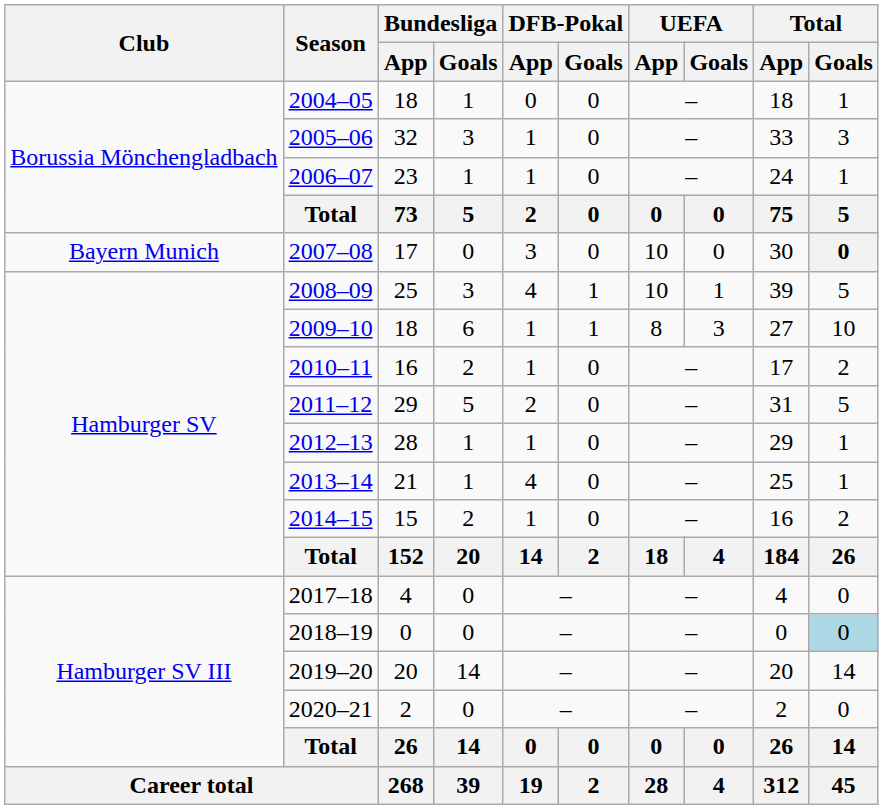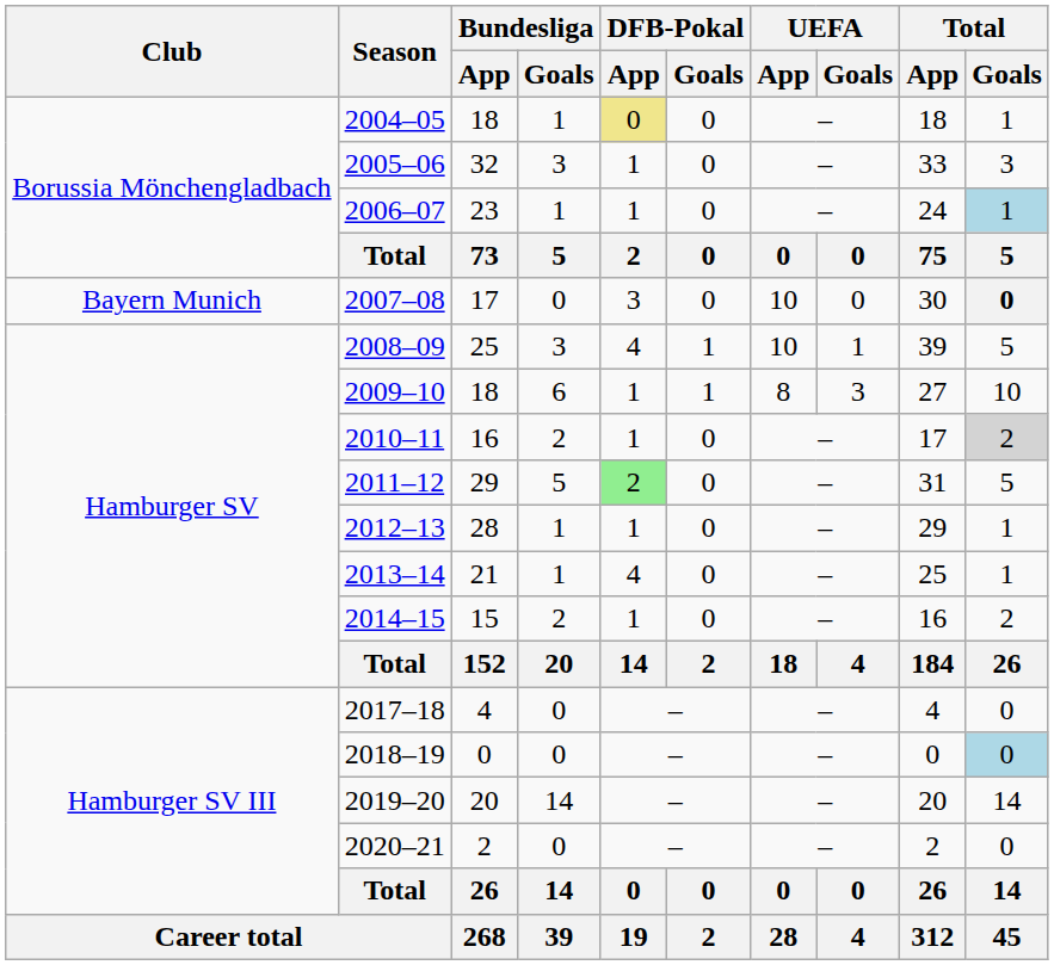 <table class="wikitable" style="text-align:center">
 <tr>
 <th rowspan="2">Club</th>
 <th rowspan="2">Season</th>
 <th colspan="2">Bundesliga</th>
 <th colspan="2">DFB-Pokal</th>
 <th colspan="2">UEFA</th>
 <th colspan="2">Total</th>
 </tr>
 <tr>
 <th>App</th>
 <th>Goals</th>
 <th>App</th>
 <th>Goals</th>
 <th>App</th>
 <th>Goals</th>
 <th>App</th>
 <th>Goals</th>
 </tr>
 <tr>
 <td rowspan="4"><a href='#'>Borussia Mönchengladbach</a></td>
 <td><a href='#'>2004–05</a></td>
 <td>18</td>
 <td>1</td>
-<td>0</td>
+<td style="background: khaki;">0</td>
 <td>0</td>
 <td colspan="2">–</td>
 <td>18</td>
 <td>1</td>
 </tr>
 <tr>
 <td><a href='#'>2005–06</a></td>
 <td>32</td>
 <td>3</td>
 <td>1</td>
 <td>0</td>
 <td colspan="2">–</td>
 <td>33</td>
 <td>3</td>
 </tr>
 <tr>
 <td><a href='#'>2006–07</a></td>
 <td>23</td>
 <td>1</td>
 <td>1</td>
 <td>0</td>
 <td colspan="2">–</td>
 <td>24</td>
-<td>1</td>
+<td style="background: lightblue;">1</td>
 </tr>
 <tr>
 <th>Total</th>
 <th>73</th>
 <th>5</th>
 <th>2</th>
 <th>0</th>
 <th>0</th>
 <th>0</th>
 <th>75</th>
 <th>5</th>
 </tr>
 <tr>
 <td><a href='#'>Bayern Munich</a></td>
 <td><a href='#'>2007–08</a></td>
 <td>17</td>
 <td>0</td>
 <td>3</td>
 <td>0</td>
 <td>10</td>
 <td>0</td>
 <td>30</td>
 <th>0</th>
 </tr>
 <tr>
 <td rowspan="8"><a href='#'>Hamburger SV</a></td>
 <td><a href='#'>2008–09</a></td>
 <td>25</td>
 <td>3</td>
 <td>4</td>
 <td>1</td>
 <td>10</td>
 <td>1</td>
 <td>39</td>
 <td>5</td>
 </tr>
 <tr>
 <td><a href='#'>2009–10</a></td>
 <td>18</td>
 <td>6</td>
 <td>1</td>
 <td>1</td>
 <td>8</td>
 <td>3</td>
 <td>27</td>
 <td>10</td>
 </tr>
 <tr>
 <td><a href='#'>2010–11</a></td>
 <td>16</td>
 <td>2</td>
 <td>1</td>
 <td>0</td>
 <td colspan="2">–</td>
 <td>17</td>
-<td>2</td>
+<td style="background: lightgrey;">2</td>
 </tr>
 <tr>
 <td><a href='#'>2011–12</a></td>
 <td>29</td>
 <td>5</td>
-<td>2</td>
+<td style="background: lightgreen;">2</td>
 <td>0</td>
 <td colspan="2">–</td>
 <td>31</td>
 <td>5</td>
 </tr>
 <tr>
 <td><a href='#'>2012–13</a></td>
 <td>28</td>
 <td>1</td>
 <td>1</td>
 <td>0</td>
 <td colspan="2">–</td>
 <td>29</td>
 <td>1</td>
 </tr>
 <tr>
 <td><a href='#'>2013–14</a></td>
 <td>21</td>
 <td>1</td>
 <td>4</td>
 <td>0</td>
 <td colspan="2">–</td>
 <td>25</td>
 <td>1</td>
 </tr>
 <tr>
 <td><a href='#'>2014–15</a></td>
 <td>15</td>
 <td>2</td>
 <td>1</td>
 <td>0</td>
 <td colspan="2">–</td>
 <td>16</td>
 <td>2</td>
 </tr>
 <tr>
 <th>Total</th>
 <th>152</th>
 <th>20</th>
 <th>14</th>
 <th>2</th>
 <th>18</th>
 <th>4</th>
 <th>184</th>
 <th>26</th>
 </tr>
 <tr>
 <td rowspan="5"><a href='#'>Hamburger SV III</a></td>
 <td>2017–18</td>
 <td>4</td>
 <td>0</td>
 <td colspan="2">–</td>
 <td colspan="2">–</td>
 <td>4</td>
 <td>0</td>
 </tr>
 <tr>
 <td>2018–19</td>
 <td>0</td>
 <td>0</td>
 <td colspan="2">–</td>
 <td colspan="2">–</td>
 <td>0</td>
 <td style="background: lightblue;">0</td>
 </tr>
 <tr>
 <td>2019–20</td>
 <td>20</td>
 <td>14</td>
 <td colspan="2">–</td>
 <td colspan="2">–</td>
 <td>20</td>
 <td>14</td>
 </tr>
 <tr>
 <td>2020–21</td>
 <td>2</td>
 <td>0</td>
 <td colspan="2">–</td>
 <td colspan="2">–</td>
 <td>2</td>
 <td>0</td>
 </tr>
 <tr>
 <th>Total</th>
 <th>26</th>
 <th>14</th>
 <th>0</th>
 <th>0</th>
 <th>0</th>
 <th>0</th>
 <th>26</th>
 <th>14</th>
 </tr>
 <tr>
 <th colspan="2">Career total</th>
 <th>268</th>
 <th>39</th>
 <th>19</th>
 <th>2</th>
 <th>28</th>
 <th>4</th>
 <th>312</th>
 <th>45</th>
 </tr>
 </table>
